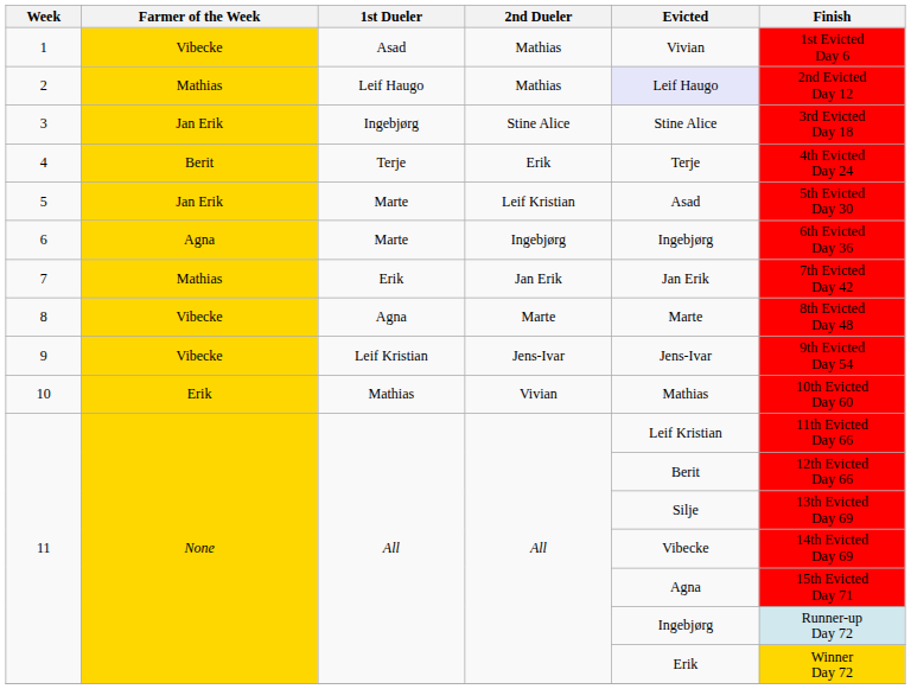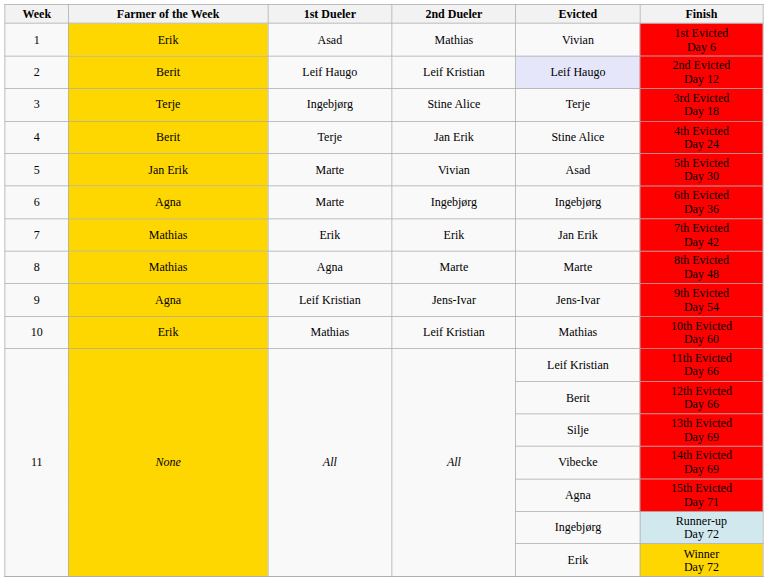 <table class="wikitable" style="font-size:100%; text-align:center; width: 80%; margin-left: auto; margin-right: auto;">
 <tr>
 <th>Week</th>
 <th>Farmer of the Week</th>
 <th>1st Dueler</th>
 <th>2nd Dueler</th>
 <th>Evicted</th>
 <th>Finish</th>
 </tr>
 <tr>
 <td>1</td>
-<td style="background:gold;">Vibecke</td>
+<td style="background:gold;">Erik</td>
 <td>Asad</td>
 <td>Mathias</td>
 <td>Vivian</td>
 <td style="background:#ff0000">1st Evicted<br>Day 6</td>
 </tr>
 <tr>
 <td>2</td>
-<td style="background:gold;">Mathias</td>
+<td style="background:gold;">Berit</td>
 <td>Leif Haugo</td>
-<td>Mathias</td>
+<td>Leif Kristian</td>
 <td style="background: lavender;">Leif Haugo</td>
 <td style="background:#ff0000">2nd Evicted<br>Day 12</td>
 </tr>
 <tr>
 <td>3</td>
-<td style="background:gold;">Jan Erik</td>
+<td style="background:gold;">Terje</td>
 <td>Ingebjørg</td>
 <td>Stine Alice</td>
-<td>Stine Alice</td>
+<td>Terje</td>
 <td style="background:#ff0000">3rd Evicted<br>Day 18</td>
 </tr>
 <tr>
 <td>4</td>
 <td style="background:gold;">Berit</td>
 <td>Terje</td>
-<td>Erik</td>
-<td>Terje</td>
+<td>Jan Erik</td>
+<td>Stine Alice</td>
 <td style="background:#ff0000">4th Evicted<br>Day 24</td>
 </tr>
 <tr>
 <td>5</td>
 <td style="background:gold;">Jan Erik</td>
 <td>Marte</td>
-<td>Leif Kristian</td>
+<td>Vivian</td>
 <td>Asad</td>
 <td style="background:#ff0000">5th Evicted<br>Day 30</td>
 </tr>
 <tr>
 <td>6</td>
 <td style="background:gold;">Agna</td>
 <td>Marte</td>
 <td>Ingebjørg</td>
 <td>Ingebjørg</td>
 <td style="background:#ff0000">6th Evicted<br>Day 36</td>
 </tr>
 <tr>
 <td>7</td>
 <td style="background:gold;">Mathias</td>
 <td>Erik</td>
-<td>Jan Erik</td>
+<td>Erik</td>
 <td>Jan Erik</td>
 <td style="background:#ff0000">7th Evicted<br>Day 42</td>
 </tr>
 <tr>
 <td>8</td>
-<td style="background:gold;">Vibecke</td>
+<td style="background:gold;">Mathias</td>
 <td>Agna</td>
 <td>Marte</td>
 <td>Marte</td>
 <td style="background:#ff0000">8th Evicted<br>Day 48</td>
 </tr>
 <tr>
 <td>9</td>
-<td style="background:gold;">Vibecke</td>
+<td style="background:gold;">Agna</td>
 <td>Leif Kristian</td>
 <td>Jens-Ivar</td>
 <td>Jens-Ivar</td>
 <td style="background:#ff0000">9th Evicted<br>Day 54</td>
 </tr>
 <tr>
 <td>10</td>
 <td style="background:gold;">Erik</td>
 <td>Mathias</td>
-<td>Vivian</td>
+<td>Leif Kristian</td>
 <td>Mathias</td>
 <td style="background:#ff0000">10th Evicted<br>Day 60</td>
 </tr>
 <tr>
 <td rowspan="7">11</td>
 <td rowspan="7" style="background:gold;"><em>None</em></td>
 <td rowspan="7"><em>All</em></td>
 <td rowspan="7"><em>All</em></td>
 <td>Leif Kristian</td>
 <td style="background:#ff0000">11th Evicted<br>Day 66</td>
 </tr>
 <tr>
 <td>Berit</td>
 <td style="background:#ff0000">12th Evicted<br>Day 66</td>
 </tr>
 <tr>
 <td>Silje</td>
 <td style="background:#ff0000;">13th Evicted<br>Day 69</td>
 </tr>
 <tr>
 <td>Vibecke</td>
 <td style="background:#ff0000;">14th Evicted<br>Day 69</td>
 </tr>
 <tr>
 <td>Agna</td>
 <td style="background:#ff0000;">15th Evicted<br>Day 71</td>
 </tr>
 <tr>
 <td>Ingebjørg</td>
 <td style="background:#D1E8EF;">Runner-up<br>Day 72</td>
 </tr>
 <tr>
 <td>Erik</td>
 <td style="background:gold;">Winner<br>Day 72</td>
 </tr>
 <tr>
 </tr>
 </table>
